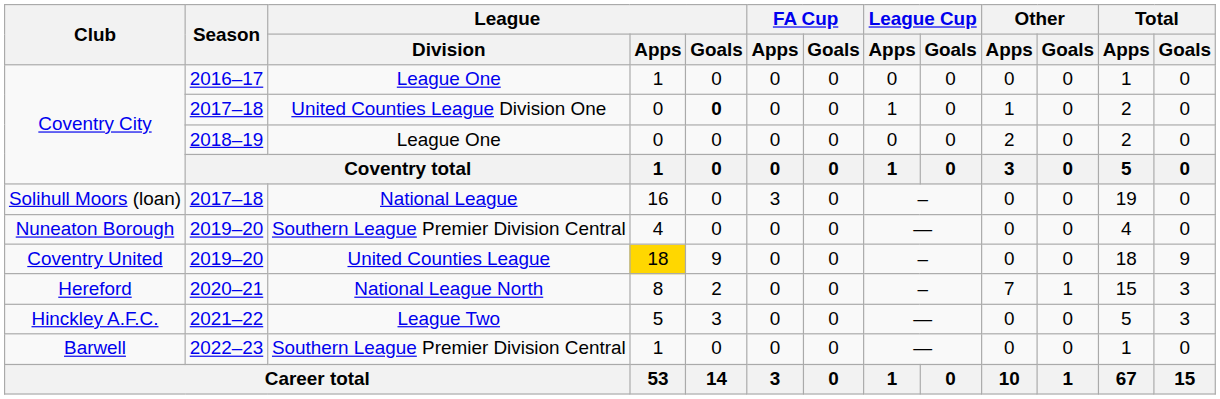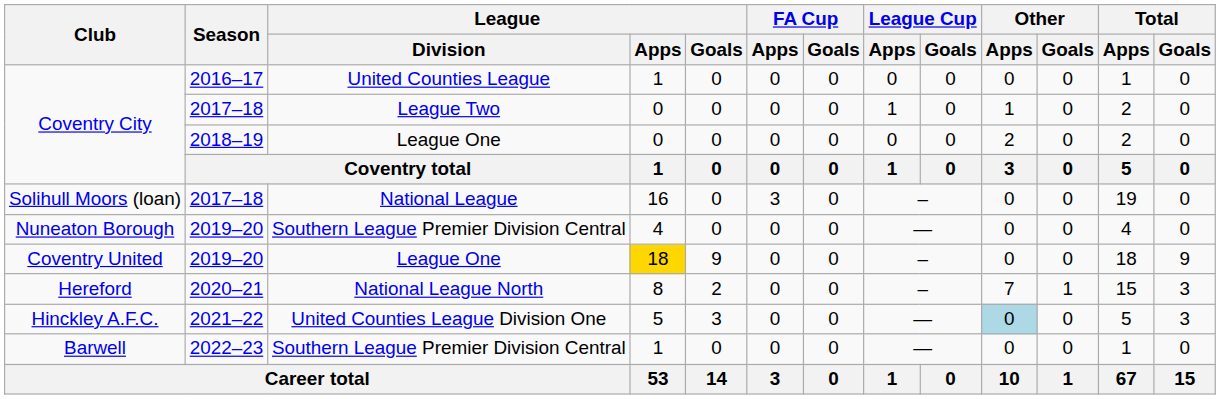 <table class="wikitable" style="text-align: center">
 <tr>
 <th rowspan="2">Club</th>
 <th rowspan="2">Season</th>
 <th colspan="3">League</th>
 <th colspan="2"><a href='#'>FA Cup</a></th>
 <th colspan="2"><a href='#'>League Cup</a></th>
 <th colspan="2">Other</th>
 <th colspan="2">Total</th>
 </tr>
 <tr>
 <th>Division</th>
 <th>Apps</th>
 <th>Goals</th>
 <th>Apps</th>
 <th>Goals</th>
 <th>Apps</th>
 <th>Goals</th>
 <th>Apps</th>
 <th>Goals</th>
 <th>Apps</th>
 <th>Goals</th>
 </tr>
 <tr>
 <td rowspan="4"><a href='#'>Coventry City</a></td>
 <td><a href='#'>2016–17</a></td>
-<td><a href='#'>League One</a></td>
+<td><a href='#'>United Counties League</a></td>
 <td>1</td>
 <td>0</td>
 <td>0</td>
 <td>0</td>
 <td>0</td>
 <td>0</td>
 <td>0</td>
 <td>0</td>
 <td>1</td>
 <td>0</td>
 </tr>
 <tr>
 <td><a href='#'>2017–18</a></td>
-<td><a href='#'>United Counties League</a> Division One</td>
+<td><a href='#'>League Two</a></td>
 <td>0</td>
-<td><strong>0</strong></td>
+<td>0</td>
 <td>0</td>
 <td>0</td>
 <td>1</td>
 <td>0</td>
 <td>1</td>
 <td>0</td>
 <td>2</td>
 <td>0</td>
 </tr>
 <tr>
 <td><a href='#'>2018–19</a></td>
 <td>League One</td>
 <td>0</td>
 <td>0</td>
 <td>0</td>
 <td>0</td>
 <td>0</td>
 <td>0</td>
 <td>2</td>
 <td>0</td>
 <td>2</td>
 <td>0</td>
 </tr>
 <tr>
 <th colspan="2">Coventry total</th>
 <th>1</th>
 <th>0</th>
 <th>0</th>
 <th>0</th>
 <th>1</th>
 <th>0</th>
 <th>3</th>
 <th>0</th>
 <th>5</th>
 <th>0</th>
 </tr>
 <tr>
 <td><a href='#'>Solihull Moors</a> (loan)</td>
 <td><a href='#'>2017–18</a></td>
 <td><a href='#'>National League</a></td>
 <td>16</td>
 <td>0</td>
 <td>3</td>
 <td>0</td>
 <td colspan="2">–</td>
 <td>0</td>
 <td>0</td>
 <td>19</td>
 <td>0</td>
 </tr>
 <tr>
 <td><a href='#'>Nuneaton Borough</a></td>
 <td><a href='#'>2019–20</a></td>
 <td><a href='#'>Southern League</a> Premier Division Central</td>
 <td>4</td>
 <td>0</td>
 <td>0</td>
 <td>0</td>
 <td colspan="2">—</td>
 <td>0</td>
 <td>0</td>
 <td>4</td>
 <td>0</td>
 </tr>
 <tr>
 <td><a href='#'>Coventry United</a></td>
 <td><a href='#'>2019–20</a></td>
-<td><a href='#'>United Counties League</a></td>
+<td><a href='#'>League One</a></td>
 <td style="background: gold;">18</td>
 <td>9</td>
 <td>0</td>
 <td>0</td>
 <td colspan="2">–</td>
 <td>0</td>
 <td>0</td>
 <td>18</td>
 <td>9</td>
 </tr>
 <tr>
 <td><a href='#'>Hereford</a></td>
 <td><a href='#'>2020–21</a></td>
 <td><a href='#'>National League North</a></td>
 <td>8</td>
 <td>2</td>
 <td>0</td>
 <td>0</td>
 <td colspan="2">–</td>
 <td>7</td>
 <td>1</td>
 <td>15</td>
 <td>3</td>
 </tr>
 <tr>
 <td><a href='#'>Hinckley A.F.C.</a></td>
 <td><a href='#'>2021–22</a></td>
-<td><a href='#'>League Two</a></td>
+<td><a href='#'>United Counties League</a> Division One</td>
 <td>5</td>
 <td>3</td>
 <td>0</td>
 <td>0</td>
 <td colspan="2">—</td>
-<td>0</td>
+<td style="background: lightblue;">0</td>
 <td>0</td>
 <td>5</td>
 <td>3</td>
 </tr>
 <tr>
 <td><a href='#'>Barwell</a></td>
 <td><a href='#'>2022–23</a></td>
 <td><a href='#'>Southern League</a> Premier Division Central</td>
 <td>1</td>
 <td>0</td>
 <td>0</td>
 <td>0</td>
 <td colspan="2">—</td>
 <td>0</td>
 <td>0</td>
 <td>1</td>
 <td>0</td>
 </tr>
 <tr>
 <th colspan="3">Career total</th>
 <th>53</th>
 <th>14</th>
 <th>3</th>
 <th>0</th>
 <th>1</th>
 <th>0</th>
 <th>10</th>
 <th>1</th>
 <th>67</th>
 <th>15</th>
 </tr>
 </table>
